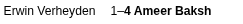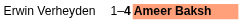 <table width="50%" cellspacing="1">
 <tr>
 <th width=45%></th>
 <th width=10%></th>
 <th width=45%></th>
 </tr>
 <tr>
 <td> Erwin Verheyden</td>
 <td align="center">1–<strong>4</strong></td>
-<td> <strong>Ameer Baksh</strong></td>
+<td style="background: lightsalmon;"> <strong>Ameer Baksh</strong></td>
 </tr>
 </table>
